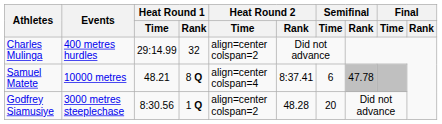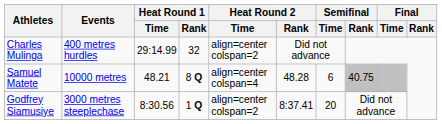 <table class=wikitable style=font-size:90%>
 <tr>
 <th rowspan=2>Athletes</th>
 <th rowspan=2>Events</th>
 <th colspan=2>Heat Round 1</th>
 <th colspan=2>Heat Round 2</th>
 <th colspan=2>Semifinal</th>
 <th colspan=2>Final</th>
 </tr>
 <tr>
 <th>Time</th>
 <th>Rank</th>
 <th>Time</th>
 <th>Rank</th>
 <th>Time</th>
 <th>Rank</th>
 <th>Time</th>
 <th>Rank</th>
 </tr>
 <tr>
 <td><a href='#'>Charles Mulinga</a></td>
 <td><a href='#'>400 metres hurdles</a></td>
 <td align=center>29:14.99</td>
 <td align=center>32</td>
 <td>align=center colspan=2 </td>
 <td align=center colspan=2>Did not advance</td>
 </tr>
 <tr>
 <td><a href='#'>Samuel Matete</a></td>
 <td><a href='#'>10000 metres</a></td>
 <td align=center>48.21</td>
 <td align=center>8 <strong>Q</strong></td>
 <td>align=center colspan=4 </td>
-<td align=center>8:37.41</td>
+<td align=center>48.28</td>
 <td align=center>6</td>
-<td align="center" bgcolor='silver'>47.78</td>
+<td align="center" bgcolor='silver'>40.75</td>
 <td align="center" bgcolor='silver'></td>
 </tr>
 <tr>
 <td><a href='#'>Godfrey Siamusiye</a></td>
 <td><a href='#'>3000 metres steeplechase</a></td>
 <td align=center>8:30.56</td>
 <td align=center>1 <strong>Q</strong></td>
 <td>align=center colspan=2 </td>
-<td align=center>48.28</td>
+<td align=center>8:37.41</td>
 <td align=center>20</td>
 <td align=center colspan=2>Did not advance</td>
 </tr>
 </table>
